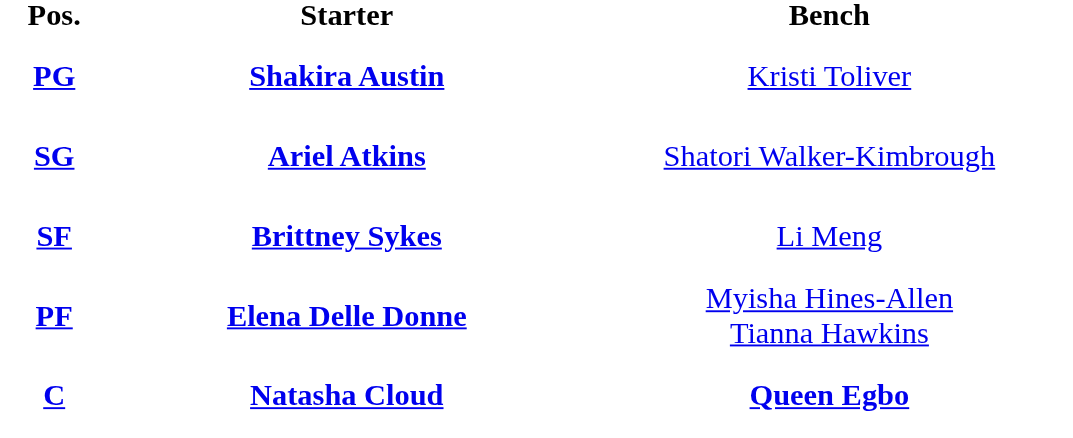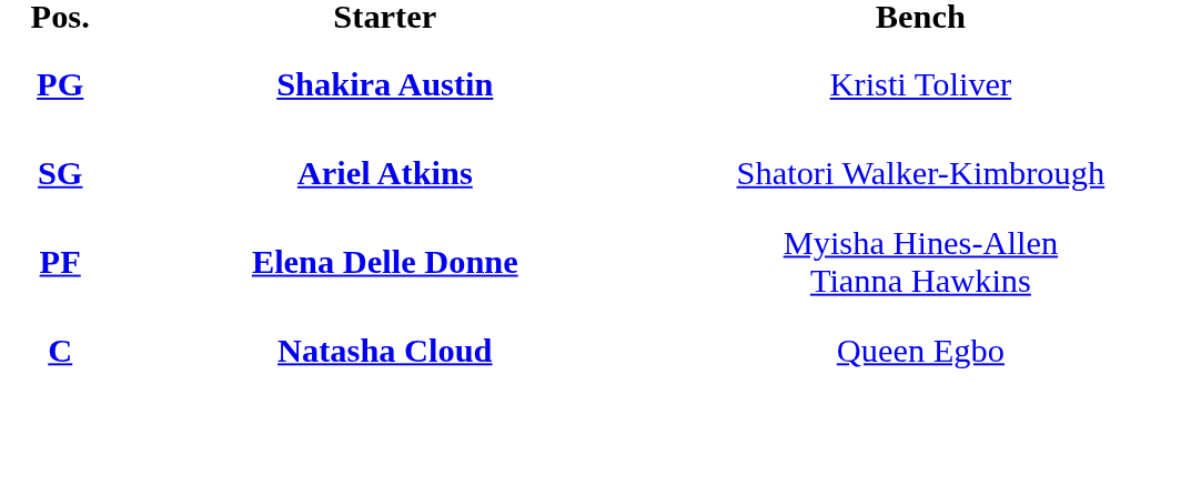 <table style="text-align:center; ">
 <tr>
 <th width="50">Pos.</th>
 <th width="250">Starter</th>
 <th width="250">Bench</th>
 </tr>
 <tr style="height:40px; background:white; color:#092C57">
 <th><a href='#'><span>PG</span></a></th>
 <td><strong><a href='#'>Shakira Austin</a></strong></td>
 <td><a href='#'>Kristi Toliver</a></td>
 </tr>
 <tr style="height:40px; background:white; color:#092C57">
 <th><a href='#'><span>SG</span></a></th>
 <td><strong><a href='#'>Ariel Atkins</a></strong></td>
 <td><a href='#'>Shatori Walker-Kimbrough</a></td>
 </tr>
 <tr style="height:40px; background:white; color:#092C57">
-<th><a href='#'><span>SF</span></a></th>
-<td><strong><a href='#'>Brittney Sykes</a></strong></td>
-<td><a href='#'>Li Meng</a></td>
-</tr>
-<tr style="height:40px; background:white; color:#092C57">
 <th><a href='#'><span>PF</span></a></th>
 <td><strong><a href='#'>Elena Delle Donne</a></strong></td>
 <td><a href='#'>Myisha Hines-Allen</a><br><a href='#'>Tianna Hawkins</a></td>
 </tr>
 <tr style="height:40px; background:white; color:#092C57">
 <th><a href='#'><span>C</span></a></th>
 <td><strong><a href='#'>Natasha Cloud</a></strong></td>
-<td><strong><a href='#'>Queen Egbo</a></strong></td>
+<td><a href='#'>Queen Egbo</a></td>
 </tr>
 </table>
